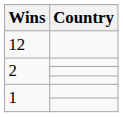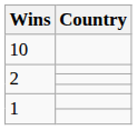 <table class="wikitable">
 <tr>
 <th>Wins</th>
 <th>Country</th>
 </tr>
 <tr>
-<td>12</td>
+<td>10</td>
 <td></td>
 </tr>
 <tr>
 <td rowspan= 3>2</td>
 <td></td>
 </tr>
 <tr>
 <td></td>
 </tr>
 <tr>
 <td></td>
 </tr>
 <tr>
 <td rowspan= 2>1</td>
 <td></td>
 </tr>
 <tr>
 <td></td>
 </tr>
 </table>
